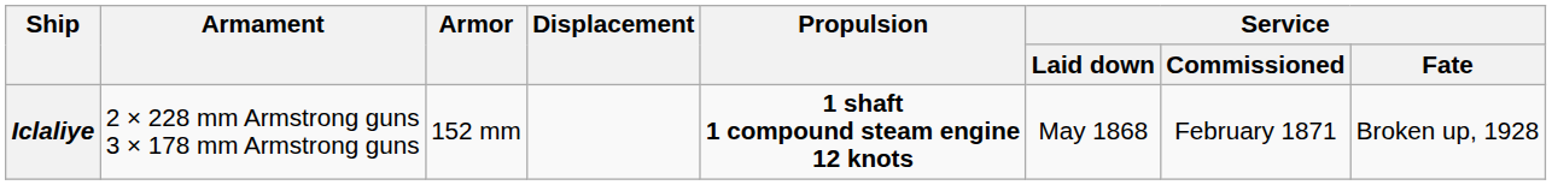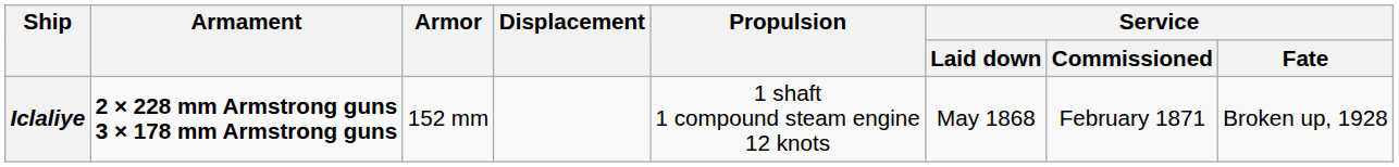 <table class="wikitable plainrowheaders" style="text-align: center;">
 <tr valign="top">
 <th scope="col" rowspan="2">Ship</th>
 <th scope="col" rowspan="2">Armament</th>
 <th scope="col" rowspan="2">Armor</th>
 <th scope="col" rowspan="2">Displacement</th>
 <th scope="col" rowspan="2">Propulsion</th>
 <th scope="col" colspan="3">Service</th>
 </tr>
 <tr valign="top">
 <th scope="col">Laid down</th>
 <th scope="col">Commissioned</th>
 <th scope="col">Fate</th>
 </tr>
 <tr valign="center">
 <th scope="row"><em>Iclaliye</em></th>
-<td>2 × 228 mm Armstrong guns<br>3 × 178 mm Armstrong guns</td>
+<td><strong>2 × 228 mm Armstrong guns<br>3 × 178 mm Armstrong guns</strong></td>
 <td>152 mm</td>
 <td></td>
-<td><strong>1 shaft<br>1 compound steam engine<br>12 knots</strong></td>
+<td>1 shaft<br>1 compound steam engine<br>12 knots</td>
 <td>May 1868</td>
 <td>February 1871</td>
 <td>Broken up, 1928</td>
 </tr>
 </table>
